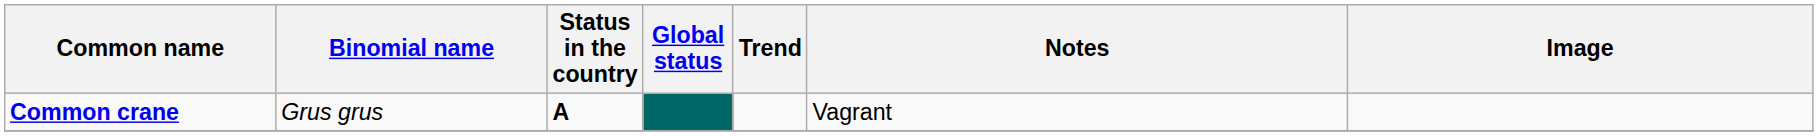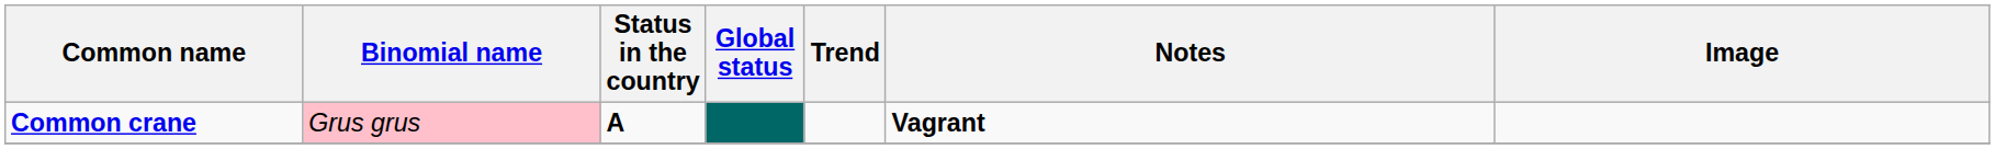 <table class="wikitable sortable">
 <tr>
 <th width="15%">Common name</th>
 <th width="15%"><a href='#'>Binomial name</a></th>
 <th data-sort-type="number" width="1%">Status in the country</th>
 <th width="5%"><a href='#'>Global status</a></th>
 <th width="1%">Trend</th>
 <th class="unsortable">Notes</th>
 <th class="unsortable">Image</th>
 </tr>
 <tr>
 <td><strong><a href='#'>Common crane</a></strong></td>
-<td><em>Grus grus</em></td>
+<td style="background: pink;"><em>Grus grus</em></td>
 <td><strong>A</strong></td>
 <td align=center style="background: #006666"></td>
 <td align=center></td>
-<td>Vagrant</td>
+<td><strong>Vagrant</strong></td>
 <td></td>
 </tr>
 <tr>
 </tr>
 </table>
